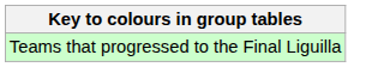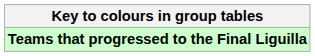 <table class="wikitable">
 <tr>
 <th>Key to colours in group tables</th>
 </tr>
 <tr bgcolor=#ccffcc>
-<td>Teams that progressed to the Final Liguilla</td>
+<td><strong>Teams that progressed to the Final Liguilla</strong></td>
 </tr>
 </table>
